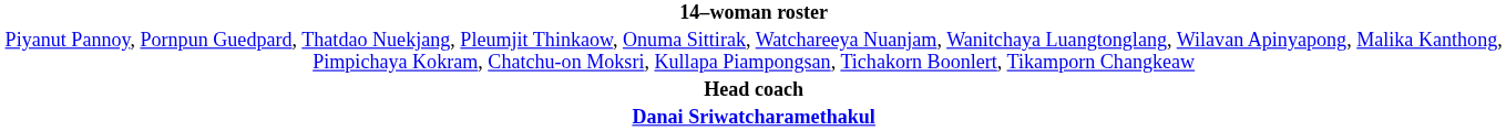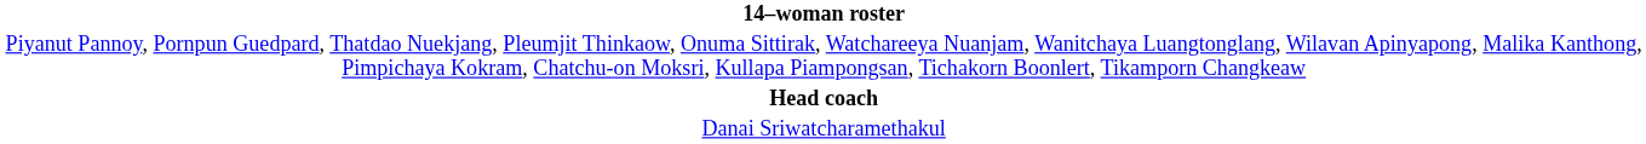 <table style="text-align:center; margin-top:2em; margin-left:auto; margin-right:auto">
 <tr>
 <td><strong>14–woman roster</strong></td>
 </tr>
 <tr>
 <td><a href='#'>Piyanut Pannoy</a>, <a href='#'>Pornpun Guedpard</a>, <a href='#'>Thatdao Nuekjang</a>, <a href='#'>Pleumjit Thinkaow</a>, <a href='#'>Onuma Sittirak</a>, <a href='#'>Watchareeya Nuanjam</a>, <a href='#'>Wanitchaya Luangtonglang</a>, <a href='#'>Wilavan Apinyapong</a>, <a href='#'>Malika Kanthong</a>, <a href='#'>Pimpichaya Kokram</a>, <a href='#'>Chatchu-on Moksri</a>, <a href='#'>Kullapa Piampongsan</a>, <a href='#'>Tichakorn Boonlert</a>, <a href='#'>Tikamporn Changkeaw</a></td>
 </tr>
 <tr>
 <td><strong>Head coach</strong></td>
 </tr>
 <tr>
-<td><strong><a href='#'>Danai Sriwatcharamethakul</a></strong></td>
+<td><a href='#'>Danai Sriwatcharamethakul</a></td>
 </tr>
 </table>
